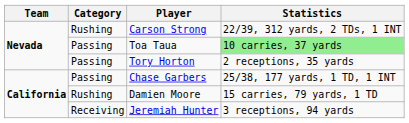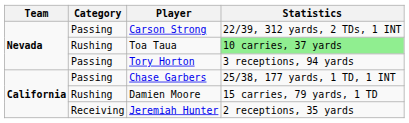 <table class="wikitable" style="float: left;">
 <tr>
 <th>Team</th>
 <th>Category</th>
 <th>Player</th>
 <th>Statistics</th>
 </tr>
 <tr>
 <td rowspan=3><strong>Nevada</strong></td>
-<td>Rushing</td>
+<td>Passing</td>
 <td><a href='#'>Carson Strong</a></td>
 <td>22/39, 312 yards, 2 TDs, 1 INT</td>
 </tr>
 <tr>
-<td>Passing</td>
+<td>Rushing</td>
 <td>Toa Taua</td>
 <td style="background: lightgreen;">10 carries, 37 yards</td>
 </tr>
 <tr>
 <td>Passing</td>
 <td><a href='#'>Tory Horton</a></td>
-<td>2 receptions, 35 yards</td>
+<td>3 receptions, 94 yards</td>
 </tr>
 <tr>
 <td rowspan=3><strong>California</strong></td>
 <td>Passing</td>
 <td><a href='#'>Chase Garbers</a></td>
 <td>25/38, 177 yards, 1 TD, 1 INT</td>
 </tr>
 <tr>
 <td>Rushing</td>
 <td>Damien Moore</td>
 <td>15 carries, 79 yards, 1 TD</td>
 </tr>
 <tr>
 <td>Receiving</td>
 <td><a href='#'>Jeremiah Hunter</a></td>
-<td>3 receptions, 94 yards</td>
+<td>2 receptions, 35 yards</td>
 </tr>
 </table>
